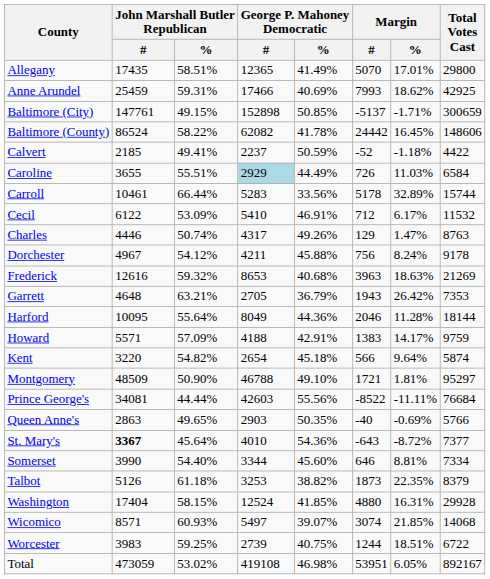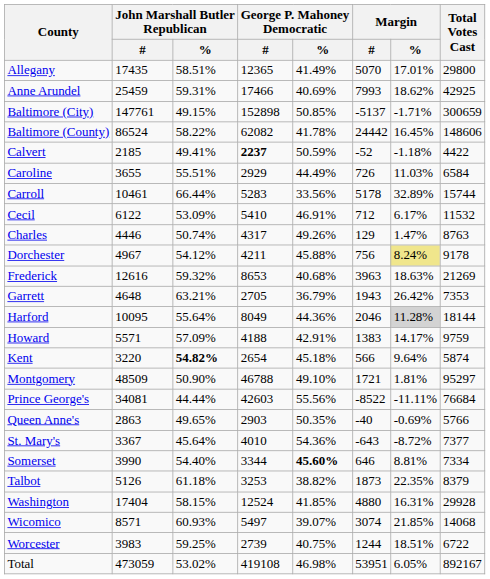 <table class="wikitable sortable">
 <tr>
 <th rowspan="2">County</th>
 <th colspan="2" >John Marshall Butler<br>Republican</th>
 <th colspan="2" >George P. Mahoney<br>Democratic</th>
 <th colspan="2">Margin</th>
 <th rowspan="2">Total<br>Votes<br>Cast</th>
 </tr>
 <tr>
 <th>#</th>
 <th>%</th>
 <th>#</th>
 <th>%</th>
 <th>#</th>
 <th>%</th>
 </tr>
 <tr>
 <td><a href='#'>Allegany</a></td>
 <td>17435</td>
 <td>58.51%</td>
 <td>12365</td>
 <td>41.49%</td>
 <td>5070</td>
 <td>17.01%</td>
 <td>29800</td>
 </tr>
 <tr>
 <td><a href='#'>Anne Arundel</a></td>
 <td>25459</td>
 <td>59.31%</td>
 <td>17466</td>
 <td>40.69%</td>
 <td>7993</td>
 <td>18.62%</td>
 <td>42925</td>
 </tr>
 <tr>
 <td><a href='#'>Baltimore (City)</a></td>
 <td>147761</td>
 <td>49.15%</td>
 <td>152898</td>
 <td>50.85%</td>
 <td>-5137</td>
 <td>-1.71%</td>
 <td>300659</td>
 </tr>
 <tr>
 <td><a href='#'>Baltimore (County)</a></td>
 <td>86524</td>
 <td>58.22%</td>
 <td>62082</td>
 <td>41.78%</td>
 <td>24442</td>
 <td>16.45%</td>
 <td>148606</td>
 </tr>
 <tr>
 <td><a href='#'>Calvert</a></td>
 <td>2185</td>
 <td>49.41%</td>
-<td>2237</td>
+<td><strong>2237</strong></td>
 <td>50.59%</td>
 <td>-52</td>
 <td>-1.18%</td>
 <td>4422</td>
 </tr>
 <tr>
 <td><a href='#'>Caroline</a></td>
 <td>3655</td>
 <td>55.51%</td>
-<td style="background: lightblue;">2929</td>
+<td>2929</td>
 <td>44.49%</td>
 <td>726</td>
 <td>11.03%</td>
 <td>6584</td>
 </tr>
 <tr>
 <td><a href='#'>Carroll</a></td>
 <td>10461</td>
 <td>66.44%</td>
 <td>5283</td>
 <td>33.56%</td>
 <td>5178</td>
 <td>32.89%</td>
 <td>15744</td>
 </tr>
 <tr>
 <td><a href='#'>Cecil</a></td>
 <td>6122</td>
 <td>53.09%</td>
 <td>5410</td>
 <td>46.91%</td>
 <td>712</td>
 <td>6.17%</td>
 <td>11532</td>
 </tr>
 <tr>
 <td><a href='#'>Charles</a></td>
 <td>4446</td>
 <td>50.74%</td>
 <td>4317</td>
 <td>49.26%</td>
 <td>129</td>
 <td>1.47%</td>
 <td>8763</td>
 </tr>
 <tr>
 <td><a href='#'>Dorchester</a></td>
 <td>4967</td>
 <td>54.12%</td>
 <td>4211</td>
 <td>45.88%</td>
 <td>756</td>
-<td>8.24%</td>
+<td style="background: khaki;">8.24%</td>
 <td>9178</td>
 </tr>
 <tr>
 <td><a href='#'>Frederick</a></td>
 <td>12616</td>
 <td>59.32%</td>
 <td>8653</td>
 <td>40.68%</td>
 <td>3963</td>
 <td>18.63%</td>
 <td>21269</td>
 </tr>
 <tr>
 <td><a href='#'>Garrett</a></td>
 <td>4648</td>
 <td>63.21%</td>
 <td>2705</td>
 <td>36.79%</td>
 <td>1943</td>
 <td>26.42%</td>
 <td>7353</td>
 </tr>
 <tr>
 <td><a href='#'>Harford</a></td>
 <td>10095</td>
 <td>55.64%</td>
 <td>8049</td>
 <td>44.36%</td>
 <td>2046</td>
-<td>11.28%</td>
+<td style="background: lightgrey;">11.28%</td>
 <td>18144</td>
 </tr>
 <tr>
 <td><a href='#'>Howard</a></td>
 <td>5571</td>
 <td>57.09%</td>
 <td>4188</td>
 <td>42.91%</td>
 <td>1383</td>
 <td>14.17%</td>
 <td>9759</td>
 </tr>
 <tr>
 <td><a href='#'>Kent</a></td>
 <td>3220</td>
-<td>54.82%</td>
+<td><strong>54.82%</strong></td>
 <td>2654</td>
 <td>45.18%</td>
 <td>566</td>
 <td>9.64%</td>
 <td>5874</td>
 </tr>
 <tr>
 <td><a href='#'>Montgomery</a></td>
 <td>48509</td>
 <td>50.90%</td>
 <td>46788</td>
 <td>49.10%</td>
 <td>1721</td>
 <td>1.81%</td>
 <td>95297</td>
 </tr>
 <tr>
 <td><a href='#'>Prince George's</a></td>
 <td>34081</td>
 <td>44.44%</td>
 <td>42603</td>
 <td>55.56%</td>
 <td>-8522</td>
 <td>-11.11%</td>
 <td>76684</td>
 </tr>
 <tr>
 <td><a href='#'>Queen Anne's</a></td>
 <td>2863</td>
 <td>49.65%</td>
 <td>2903</td>
 <td>50.35%</td>
 <td>-40</td>
 <td>-0.69%</td>
 <td>5766</td>
 </tr>
 <tr>
 <td><a href='#'>St. Mary's</a></td>
-<td><strong>3367</strong></td>
+<td>3367</td>
 <td>45.64%</td>
 <td>4010</td>
 <td>54.36%</td>
 <td>-643</td>
 <td>-8.72%</td>
 <td>7377</td>
 </tr>
 <tr>
 <td><a href='#'>Somerset</a></td>
 <td>3990</td>
 <td>54.40%</td>
 <td>3344</td>
-<td>45.60%</td>
+<td><strong>45.60%</strong></td>
 <td>646</td>
 <td>8.81%</td>
 <td>7334</td>
 </tr>
 <tr>
 <td><a href='#'>Talbot</a></td>
 <td>5126</td>
 <td>61.18%</td>
 <td>3253</td>
 <td>38.82%</td>
 <td>1873</td>
 <td>22.35%</td>
 <td>8379</td>
 </tr>
 <tr>
 <td><a href='#'>Washington</a></td>
 <td>17404</td>
 <td>58.15%</td>
 <td>12524</td>
 <td>41.85%</td>
 <td>4880</td>
 <td>16.31%</td>
 <td>29928</td>
 </tr>
 <tr>
 <td><a href='#'>Wicomico</a></td>
 <td>8571</td>
 <td>60.93%</td>
 <td>5497</td>
 <td>39.07%</td>
 <td>3074</td>
 <td>21.85%</td>
 <td>14068</td>
 </tr>
 <tr>
 <td><a href='#'>Worcester</a></td>
 <td>3983</td>
 <td>59.25%</td>
 <td>2739</td>
 <td>40.75%</td>
 <td>1244</td>
 <td>18.51%</td>
 <td>6722</td>
 </tr>
 <tr>
 <td>Total</td>
 <td>473059</td>
 <td>53.02%</td>
 <td>419108</td>
 <td>46.98%</td>
 <td>53951</td>
 <td>6.05%</td>
 <td>892167</td>
 </tr>
 </table>
